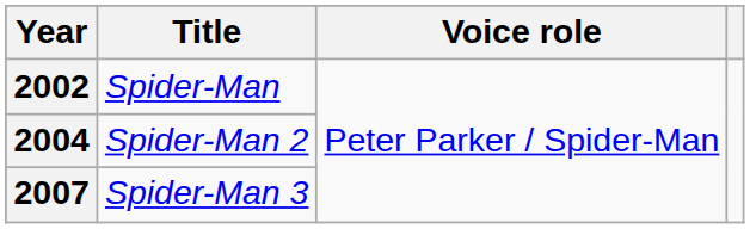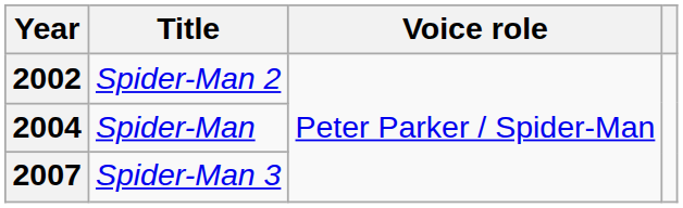 <table class="wikitable plainrowheaders" style="margin-right: 0;">
 <tr>
 <th scope="col">Year</th>
 <th scope="col">Title</th>
 <th scope="col">Voice role</th>
 <th scope="col" class="unsortable"></th>
 </tr>
 <tr>
 <th scope="row">2002</th>
-<td><em><a href='#'>Spider-Man</a></em></td>
+<td><em><a href='#'>Spider-Man 2</a></em></td>
 <td rowspan=3><a href='#'>Peter Parker / Spider-Man</a></td>
 <td rowspan="3" style="text-align: center;"></td>
 </tr>
 <tr>
 <th scope="row">2004</th>
-<td><em><a href='#'>Spider-Man 2</a></em></td>
+<td><em><a href='#'>Spider-Man</a></em></td>
 </tr>
 <tr>
 <th scope="row">2007</th>
 <td><em><a href='#'>Spider-Man 3</a></em></td>
 </tr>
 </table>
